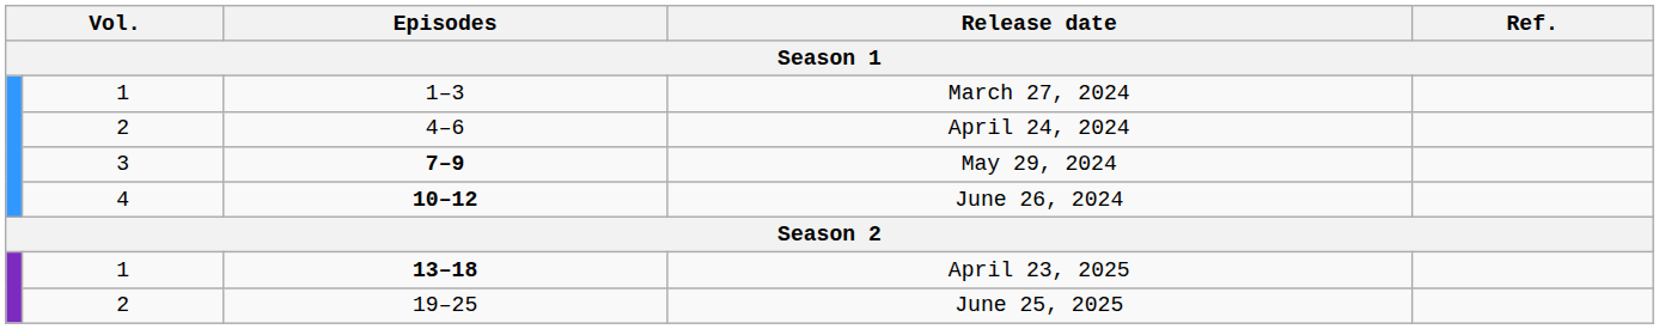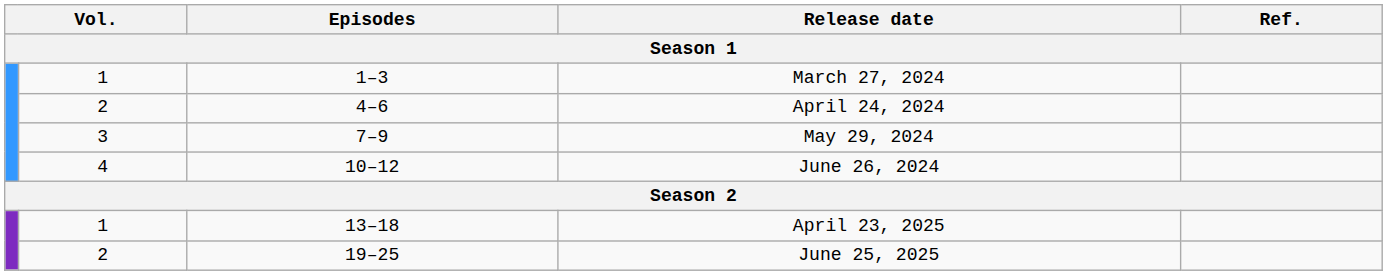 <table class="wikitable" style="text-align: center; width: 50%;">
 <tr>
 <th colspan="2">Vol.</th>
 <th>Episodes</th>
 <th>Release date</th>
 <th>Ref.</th>
 </tr>
 <tr>
 <th colspan="7">Season 1</th>
 </tr>
 <tr>
 <td rowspan="4" width="1%" style="background: #3198FF;"></td>
 <td>1</td>
 <td>1–3</td>
 <td>March 27, 2024</td>
 <td></td>
 </tr>
 <tr>
 <td>2</td>
 <td>4–6</td>
 <td>April 24, 2024</td>
 <td></td>
 </tr>
 <tr>
 <td>3</td>
-<td><strong>7–9</strong></td>
+<td>7–9</td>
 <td>May 29, 2024</td>
 <td></td>
 </tr>
 <tr>
 <td>4</td>
-<td><strong>10–12</strong></td>
+<td>10–12</td>
 <td>June 26, 2024</td>
 <td></td>
 </tr>
 <tr>
 <th colspan="7">Season 2</th>
 </tr>
 <tr>
 <td rowspan="4" width="1%" style="background: #7D2AC0;"></td>
 <td>1</td>
-<td><strong>13–18</strong></td>
+<td>13–18</td>
 <td>April 23, 2025</td>
 <td></td>
 </tr>
 <tr>
 <td>2</td>
 <td>19–25</td>
 <td>June 25, 2025</td>
 <td></td>
 </tr>
 </table>
